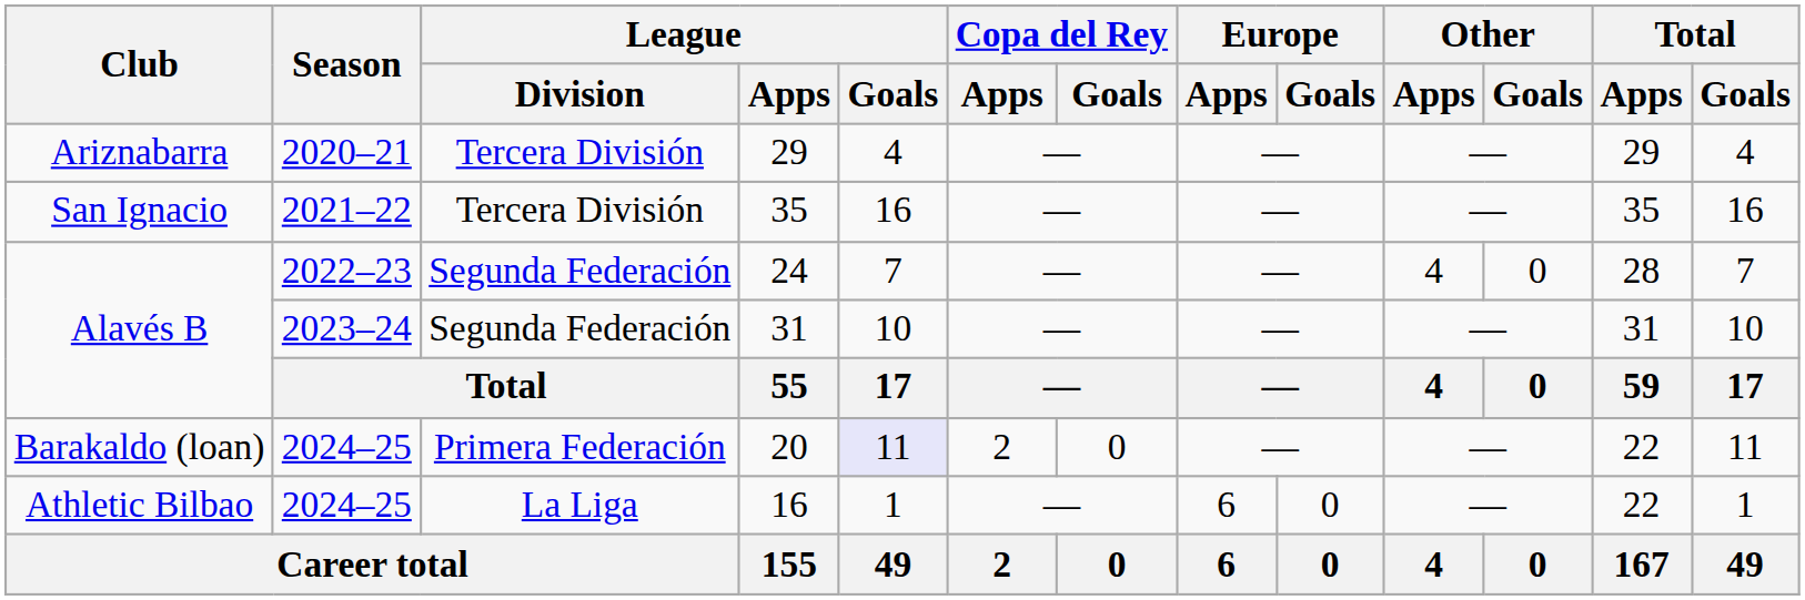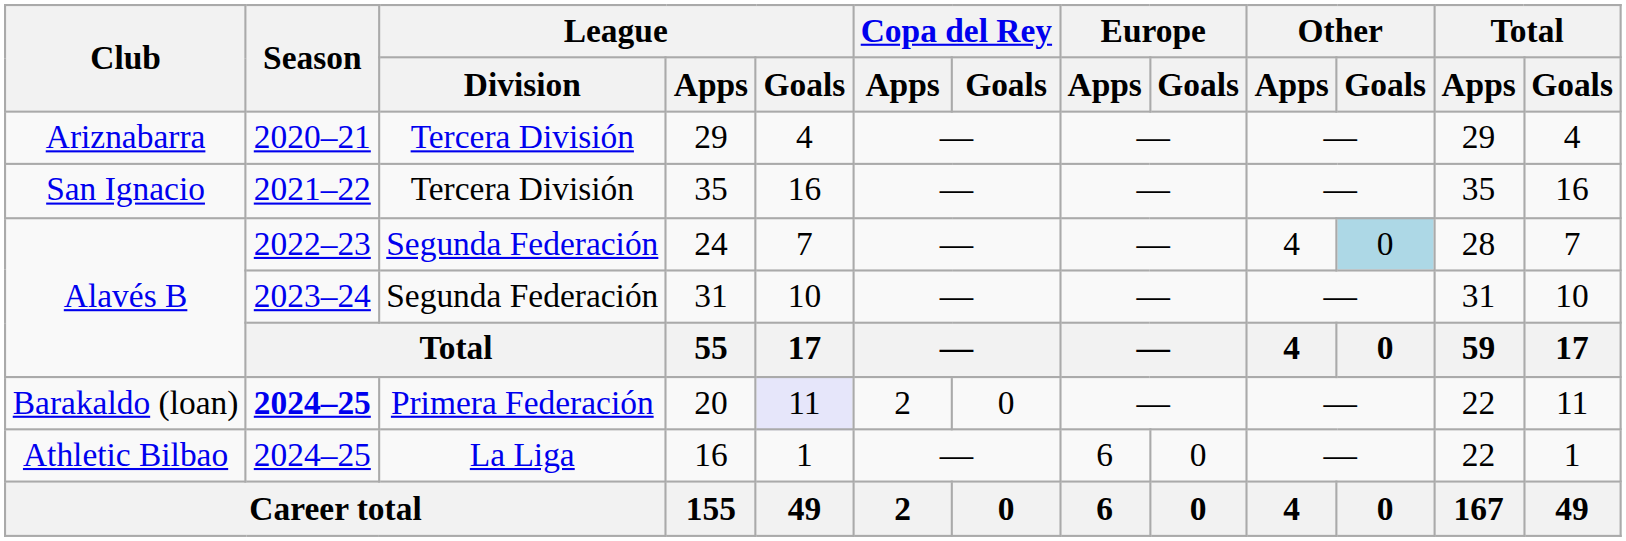 <table class="wikitable" style="text-align:center">
 <tr>
 <th rowspan="2">Club</th>
 <th rowspan="2">Season</th>
 <th colspan="3">League</th>
 <th colspan="2"><a href='#'>Copa del Rey</a></th>
 <th colspan="2">Europe</th>
 <th colspan="2">Other</th>
 <th colspan="2">Total</th>
 </tr>
 <tr>
 <th>Division</th>
 <th>Apps</th>
 <th>Goals</th>
 <th>Apps</th>
 <th>Goals</th>
 <th>Apps</th>
 <th>Goals</th>
 <th>Apps</th>
 <th>Goals</th>
 <th>Apps</th>
 <th>Goals</th>
 </tr>
 <tr>
 <td><a href='#'>Ariznabarra</a></td>
 <td><a href='#'>2020–21</a></td>
 <td><a href='#'>Tercera División</a></td>
 <td>29</td>
 <td>4</td>
 <td colspan="2">—</td>
 <td colspan="2">—</td>
 <td colspan="2">—</td>
 <td>29</td>
 <td>4</td>
 </tr>
 <tr>
 <td><a href='#'>San Ignacio</a></td>
 <td><a href='#'>2021–22</a></td>
 <td>Tercera División</td>
 <td>35</td>
 <td>16</td>
 <td colspan="2">—</td>
 <td colspan="2">—</td>
 <td colspan="2">—</td>
 <td>35</td>
 <td>16</td>
 </tr>
 <tr>
 <td rowspan="3"><a href='#'>Alavés B</a></td>
 <td><a href='#'>2022–23</a></td>
 <td><a href='#'>Segunda Federación</a></td>
 <td>24</td>
 <td>7</td>
 <td colspan="2">—</td>
 <td colspan="2">—</td>
 <td>4</td>
-<td>0</td>
+<td style="background: lightblue;">0</td>
 <td>28</td>
 <td>7</td>
 </tr>
 <tr>
 <td><a href='#'>2023–24</a></td>
 <td>Segunda Federación</td>
 <td>31</td>
 <td>10</td>
 <td colspan="2">—</td>
 <td colspan="2">—</td>
 <td colspan="2">—</td>
 <td>31</td>
 <td>10</td>
 </tr>
 <tr>
 <th colspan="2">Total</th>
 <th>55</th>
 <th>17</th>
 <th colspan="2">—</th>
 <th colspan="2">—</th>
 <th>4</th>
 <th>0</th>
 <th>59</th>
 <th>17</th>
 </tr>
 <tr>
 <td><a href='#'>Barakaldo</a> (loan)</td>
-<td><a href='#'>2024–25</a></td>
+<td><strong><a href='#'>2024–25</a></strong></td>
 <td><a href='#'>Primera Federación</a></td>
 <td>20</td>
 <td style="background: lavender;">11</td>
 <td>2</td>
 <td>0</td>
 <td colspan="2">—</td>
 <td colspan="2">—</td>
 <td>22</td>
 <td>11</td>
 </tr>
 <tr>
 <td><a href='#'>Athletic Bilbao</a></td>
 <td><a href='#'>2024–25</a></td>
 <td><a href='#'>La Liga</a></td>
 <td>16</td>
 <td>1</td>
 <td colspan="2">—</td>
 <td>6</td>
 <td>0</td>
 <td colspan="2">—</td>
 <td>22</td>
 <td>1</td>
 </tr>
 <tr>
 <th colspan="3">Career total</th>
 <th>155</th>
 <th>49</th>
 <th>2</th>
 <th>0</th>
 <th>6</th>
 <th>0</th>
 <th>4</th>
 <th>0</th>
 <th>167</th>
 <th>49</th>
 </tr>
 </table>
